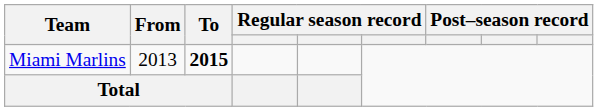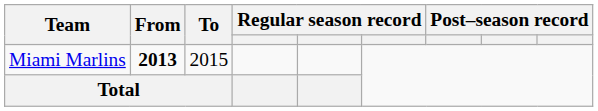 <table class="wikitable" Style="text-align: center">
 <tr>
 <th rowspan="2">Team</th>
 <th rowspan="2">From</th>
 <th rowspan="2">To</th>
 <th colspan="3">Regular season record</th>
 <th colspan="3">Post–season record</th>
 </tr>
 <tr>
 <th></th>
 <th></th>
 <th></th>
 <th></th>
 <th></th>
 <th></th>
 </tr>
 <tr>
 <td><a href='#'>Miami Marlins</a></td>
-<td>2013</td>
-<td><strong>2015</strong></td>
+<td><strong>2013</strong></td>
+<td>2015</td>
 <td></td>
 <td></td>
 </tr>
 <tr>
 <th colspan="3">Total</th>
 <th></th>
 <th></th>
 </tr>
 </table>
